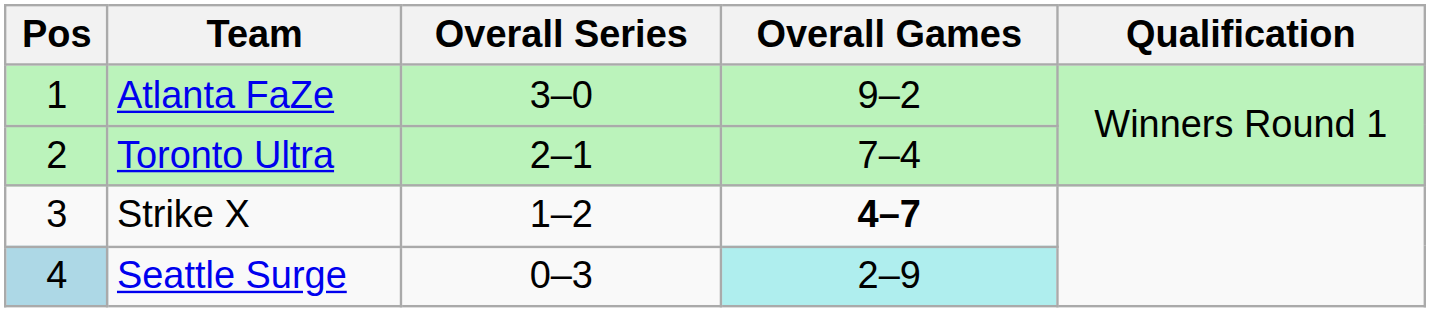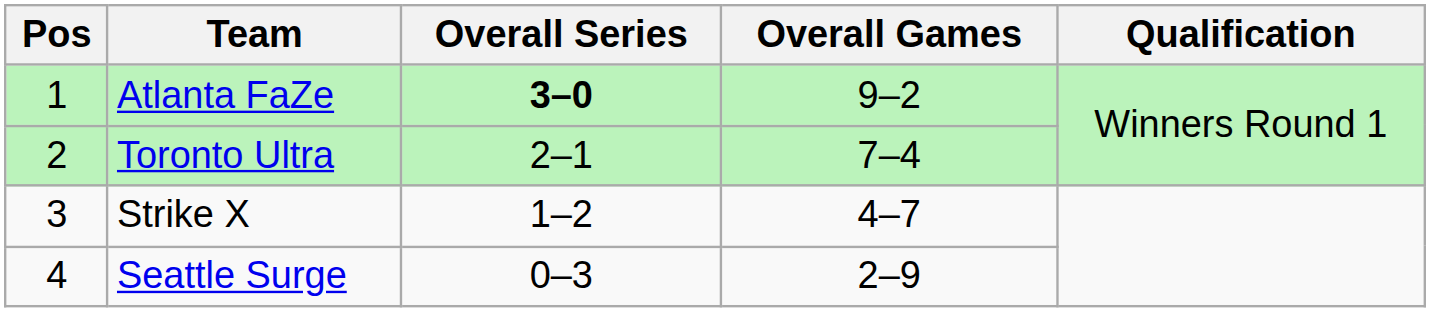 <table class="wikitable" width="600px" style="text-align:center">
 <tr>
 <th>Pos</th>
 <th>Team</th>
 <th>Overall Series</th>
 <th>Overall Games</th>
 <th>Qualification</th>
 </tr>
 <tr style="background:#BBF3BB">
 <td>1</td>
 <td style="text-align:left"><a href='#'>Atlanta FaZe</a></td>
-<td>3–0</td>
+<td><strong>3–0</strong></td>
 <td>9–2</td>
 <td rowspan="2">Winners Round 1</td>
 </tr>
 <tr style="background:#BBF3BB">
 <td>2</td>
 <td style="text-align:left"><a href='#'>Toronto Ultra</a></td>
 <td>2–1</td>
 <td>7–4</td>
 </tr>
 <tr>
 <td>3</td>
 <td style="text-align:left;">Strike X</td>
 <td>1–2</td>
-<td><strong>4–7</strong></td>
+<td>4–7</td>
 </tr>
 <tr>
-<td style="background: lightblue;">4</td>
+<td>4</td>
 <td style="text-align:left;"><a href='#'>Seattle Surge</a></td>
 <td>0–3</td>
-<td style="background: paleturquoise;">2–9</td>
+<td>2–9</td>
 </tr>
 </table>
